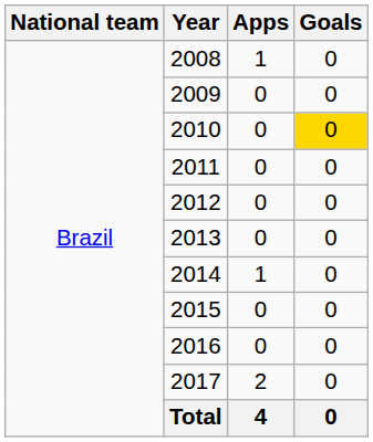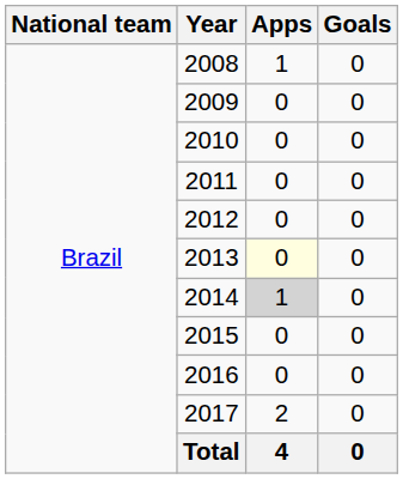 <table class="wikitable" style="text-align:center">
 <tr>
 <th>National team</th>
 <th>Year</th>
 <th>Apps</th>
 <th>Goals</th>
 </tr>
 <tr>
 <td rowspan="11"><a href='#'>Brazil</a></td>
 <td>2008</td>
 <td>1</td>
 <td>0</td>
 </tr>
 <tr>
 <td>2009</td>
 <td>0</td>
 <td>0</td>
 </tr>
 <tr>
 <td>2010</td>
 <td>0</td>
-<td style="background: gold;">0</td>
+<td>0</td>
 </tr>
 <tr>
 <td>2011</td>
 <td>0</td>
 <td>0</td>
 </tr>
 <tr>
 <td>2012</td>
 <td>0</td>
 <td>0</td>
 </tr>
 <tr>
 <td>2013</td>
-<td>0</td>
+<td style="background: lightyellow;">0</td>
 <td>0</td>
 </tr>
 <tr>
 <td>2014</td>
-<td>1</td>
+<td style="background: lightgrey;">1</td>
 <td>0</td>
 </tr>
 <tr>
 <td>2015</td>
 <td>0</td>
 <td>0</td>
 </tr>
 <tr>
 <td>2016</td>
 <td>0</td>
 <td>0</td>
 </tr>
 <tr>
 <td>2017</td>
 <td>2</td>
 <td>0</td>
 </tr>
 <tr>
 <th>Total</th>
 <th>4</th>
 <th>0</th>
 </tr>
 </table>
